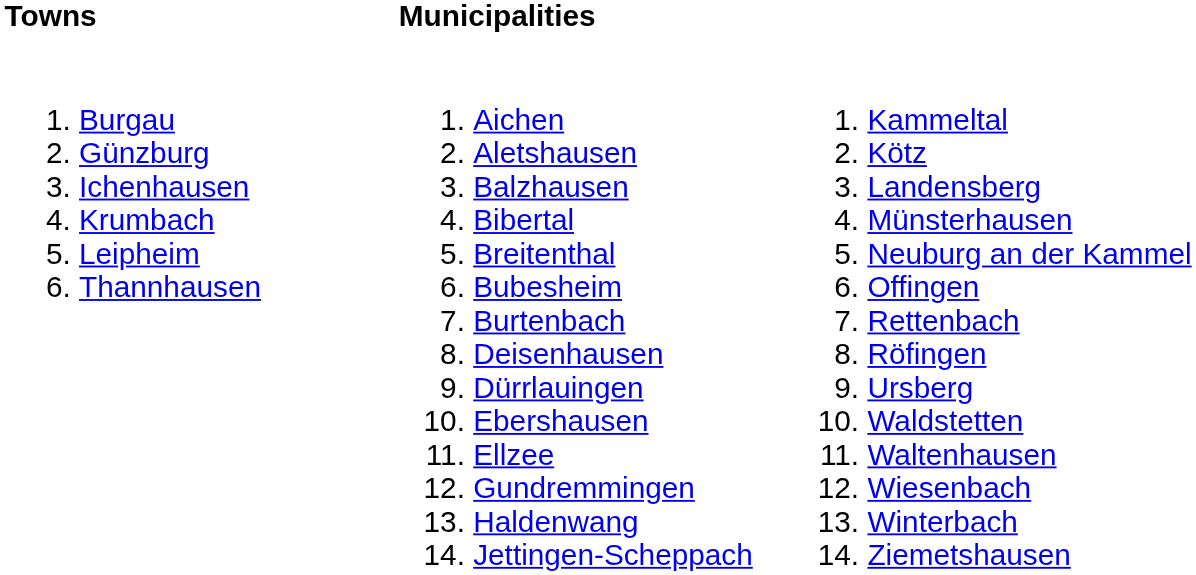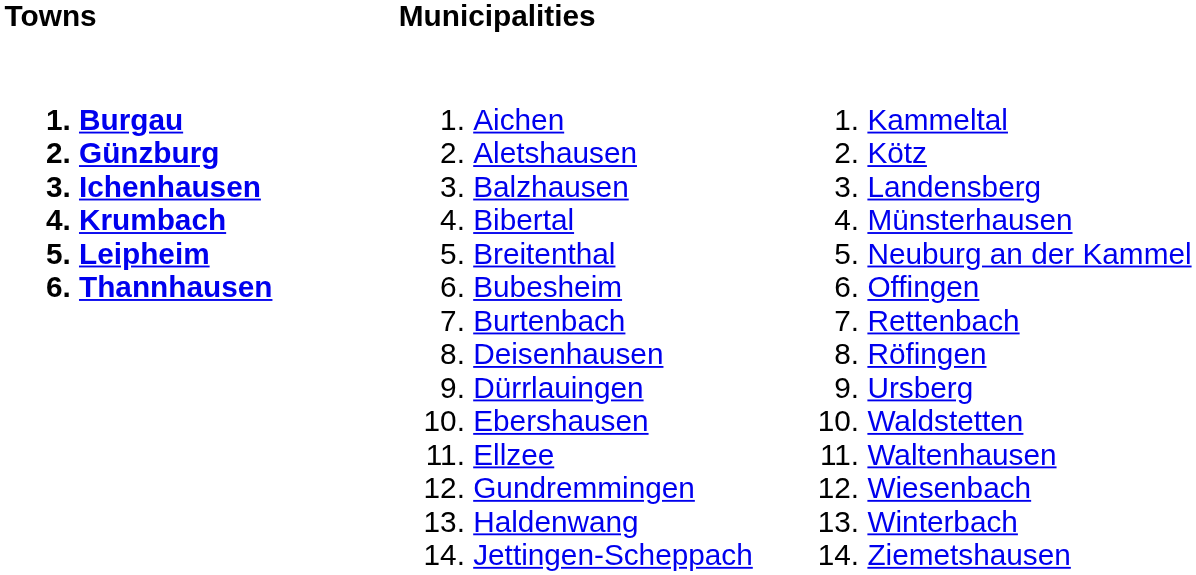 <table>
 <tr>
 <th align=left width=33%>Towns</th>
 <th align=left width=33%>Municipalities</th>
 </tr>
 <tr valign=top>
-<td><br><ol><li><a href='#'>Burgau</a></li><li><a href='#'>Günzburg</a></li><li><a href='#'>Ichenhausen</a></li><li><a href='#'>Krumbach</a></li><li><a href='#'>Leipheim</a></li><li><a href='#'>Thannhausen</a></li></ol></td>
+<td><strong><br><ol><li><a href='#'>Burgau</a></li><li><a href='#'>Günzburg</a></li><li><a href='#'>Ichenhausen</a></li><li><a href='#'>Krumbach</a></li><li><a href='#'>Leipheim</a></li><li><a href='#'>Thannhausen</a></li></ol></strong></td>
 <td><br><ol><li><a href='#'>Aichen</a></li><li><a href='#'>Aletshausen</a></li><li><a href='#'>Balzhausen</a></li><li><a href='#'>Bibertal</a></li><li><a href='#'>Breitenthal</a></li><li><a href='#'>Bubesheim</a></li><li><a href='#'>Burtenbach</a></li><li><a href='#'>Deisenhausen</a></li><li><a href='#'>Dürrlauingen</a></li><li><a href='#'>Ebershausen</a></li><li><a href='#'>Ellzee</a></li><li><a href='#'>Gundremmingen</a></li><li><a href='#'>Haldenwang</a></li><li><a href='#'>Jettingen-Scheppach</a></li></ol></td>
 <td><br><ol> <li> <a href='#'>Kammeltal</a> <li> <a href='#'>Kötz</a> <li> <a href='#'>Landensberg</a> <li> <a href='#'>Münsterhausen</a> <li> <a href='#'>Neuburg an der Kammel</a> <li> <a href='#'>Offingen</a> <li> <a href='#'>Rettenbach</a> <li> <a href='#'>Röfingen</a> <li> <a href='#'>Ursberg</a> <li> <a href='#'>Waldstetten</a> <li> <a href='#'>Waltenhausen</a> <li> <a href='#'>Wiesenbach</a> <li> <a href='#'>Winterbach</a> <li> <a href='#'>Ziemetshausen</a> </ol></td>
 </tr>
 </table>
